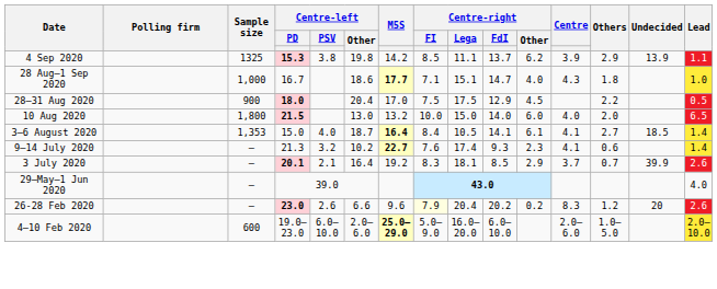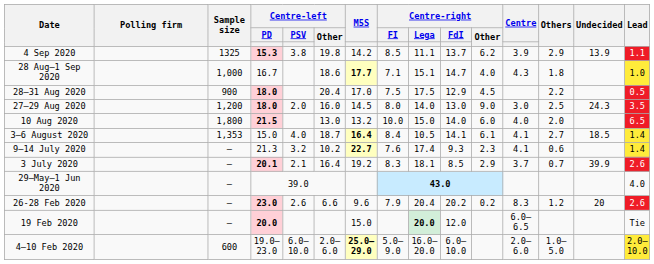 <table class="wikitable collapsible collapsed" style="text-align:center;font-size:85%;line-height:13px">
 <tr style="height:30px; background-color:#E9E9E9">
 <th style="width:110px;" rowspan="3">Date</th>
 <th style="width:140px;" rowspan="3">Polling firm</th>
 <th style="width:50px;" rowspan="3">Sample size</th>
 <th colspan="3" style="width:35px;"><a href='#'>Centre-left</a></th>
 <th rowspan="2" style="width:35px;"><a href='#'>M5S</a></th>
 <th colspan="4" style="width:35px;"><a href='#'>Centre-right</a></th>
 <th rowspan="2" style="width:35px;"><a href='#'>Centre</a></th>
 <th style="width:35px;" rowspan="3">Others</th>
 <th style="width:35px;" rowspan="3">Undecided</th>
 <th style="width:25px;" rowspan="3">Lead</th>
 </tr>
 <tr>
 <th style="width:35px;"><a href='#'>PD</a></th>
 <th style="width:35px;"><a href='#'>PSV</a></th>
 <th rowspan="2" style="width:35px;">Other</th>
 <th style="width:35px;"><a href='#'>FI</a></th>
 <th style="width:35px;"><a href='#'>Lega</a></th>
 <th style="width:35px;"><a href='#'>FdI</a></th>
 <th rowspan="2" style="width:35px;">Other</th>
 </tr>
 <tr>
 <th style="background:"></th>
 <th style="background:"></th>
 <th style="background:"></th>
 <th style="background:"></th>
 <th style="background:"></th>
 <th style="background:"></th>
 <th style="background:"></th>
 </tr>
 <tr>
 <td>4 Sep 2020</td>
 <td></td>
 <td>1325</td>
 <td style="background:#FFD0D7"><strong>15.3</strong></td>
 <td>3.8</td>
 <td>19.8</td>
 <td>14.2</td>
 <td>8.5</td>
 <td>11.1</td>
 <td>13.7</td>
 <td>6.2</td>
 <td>3.9</td>
 <td>2.9</td>
 <td>13.9</td>
 <td style="background:#EF1C27; color:white;">1.1</td>
 </tr>
 <tr>
 <td>28 Aug–1 Sep 2020</td>
 <td></td>
 <td>1,000</td>
 <td>16.7</td>
 <td></td>
 <td>18.6</td>
 <td style="background:#FFFFBF;"><strong>17.7</strong></td>
 <td>7.1</td>
 <td>15.1</td>
 <td>14.7</td>
 <td>4.0</td>
 <td>4.3</td>
 <td>1.8</td>
 <td></td>
 <td style="background:#FFEB3B;">1.0</td>
 </tr>
 <tr>
 <td>28–31 Aug 2020</td>
 <td></td>
 <td>900</td>
 <td style="background:#FFD0D7"><strong>18.0</strong></td>
 <td></td>
 <td>20.4</td>
 <td>17.0</td>
 <td>7.5</td>
 <td>17.5</td>
 <td>12.9</td>
 <td>4.5</td>
 <td></td>
 <td>2.2</td>
 <td></td>
 <td style="background:#EF1C27; color:white;">0.5</td>
+</tr>
+<tr>
+<td>27–29 Aug 2020</td>
+<td></td>
+<td>1,200</td>
+<td style="background:#FFD0D7"><strong>18.0</strong></td>
+<td>2.0</td>
+<td>16.0</td>
+<td>14.5</td>
+<td>8.0</td>
+<td>14.0</td>
+<td>13.0</td>
+<td>9.0</td>
+<td>3.0</td>
+<td>2.5</td>
+<td>24.3</td>
+<td style="background:#EF1C27; color:white;">3.5</td>
 </tr>
 <tr>
 <td>10 Aug 2020</td>
 <td> </td>
 <td>1,800</td>
 <td style="background:#FFD0D7"><strong>21.5</strong></td>
 <td></td>
 <td>13.0</td>
 <td>13.2</td>
 <td>10.0</td>
 <td>15.0</td>
 <td>14.0</td>
 <td>6.0</td>
 <td>4.0</td>
 <td>2.0</td>
 <td></td>
 <td style="background:#EF1C27; color:white;">6.5</td>
 </tr>
 <tr>
 <td>3–6 August 2020</td>
 <td></td>
 <td>1,353</td>
 <td>15.0</td>
 <td>4.0</td>
 <td>18.7</td>
 <td style="background:#FFFFBF;"><strong>16.4</strong></td>
 <td>8.4</td>
 <td>10.5</td>
 <td>14.1</td>
 <td>6.1</td>
 <td>4.1</td>
 <td>2.7</td>
 <td>18.5</td>
 <td style="background:#FFEB3B;">1.4</td>
 </tr>
 <tr>
 <td>9–14 July 2020</td>
 <td> </td>
 <td>–</td>
 <td>21.3</td>
 <td>3.2</td>
 <td>10.2</td>
 <td style="background:#FFFFBF;"><strong>22.7</strong></td>
 <td>7.6</td>
 <td>17.4</td>
 <td>9.3</td>
 <td>2.3</td>
 <td>4.1</td>
 <td>0.6</td>
 <td></td>
 <td style="background:#FFEB3B;">1.4</td>
 </tr>
 <tr>
 <td>3 July 2020</td>
 <td></td>
 <td>–</td>
 <td style="background:#FFD0D7"><strong>20.1</strong></td>
 <td>2.1</td>
 <td>16.4</td>
 <td>19.2</td>
 <td>8.3</td>
 <td>18.1</td>
 <td>8.5</td>
 <td>2.9</td>
 <td>3.7</td>
 <td>0.7</td>
 <td>39.9</td>
 <td style="background:#EF1C27; color:white;">2.6</td>
 </tr>
 <tr>
 <td>29–May–1 Jun 2020</td>
 <td></td>
 <td>–</td>
 <td colspan="3">39.0</td>
 <td></td>
 <td colspan="4" style="background:#C8EBFF"><strong>43.0</strong></td>
 <td></td>
 <td></td>
 <td></td>
 <td style="background:">4.0</td>
 </tr>
 <tr>
 <td>26-28 Feb 2020</td>
 <td></td>
 <td>–</td>
 <td style="background:#FFD0D7"><strong>23.0</strong></td>
 <td>2.6</td>
 <td>6.6</td>
 <td>9.6</td>
-<td style="background: lightyellow;">7.9</td>
+<td>7.9</td>
 <td>20.4</td>
 <td>20.2</td>
 <td>0.2</td>
 <td>8.3</td>
 <td>1.2</td>
 <td>20</td>
 <td style="background:#EF1C27; color:white;">2.6</td>
+</tr>
+<tr>
+<td>19 Feb 2020</td>
+<td></td>
+<td>–</td>
+<td style="background:#FFD0D7"><strong>20.0</strong></td>
+<td></td>
+<td></td>
+<td>15.0</td>
+<td></td>
+<td style="background:#D2EED9"><strong>20.0</strong></td>
+<td>12.0</td>
+<td></td>
+<td>6.0–6.5</td>
+<td></td>
+<td></td>
+<td>Tie</td>
 </tr>
 <tr>
 <td>4–10 Feb 2020</td>
 <td></td>
 <td>600</td>
 <td>19.0–23.0</td>
 <td>6.0–10.0</td>
 <td>2.0–6.0</td>
 <td style="background:#FFFFBF;"><strong>25.0–29.0</strong></td>
 <td>5.0–9.0</td>
 <td>16.0–20.0</td>
 <td>6.0–10.0</td>
 <td></td>
 <td>2.0–6.0</td>
 <td>1.0–5.0</td>
 <td></td>
 <td style="background:#FFEB3B;">2.0–10.0</td>
 </tr>
 </table>
